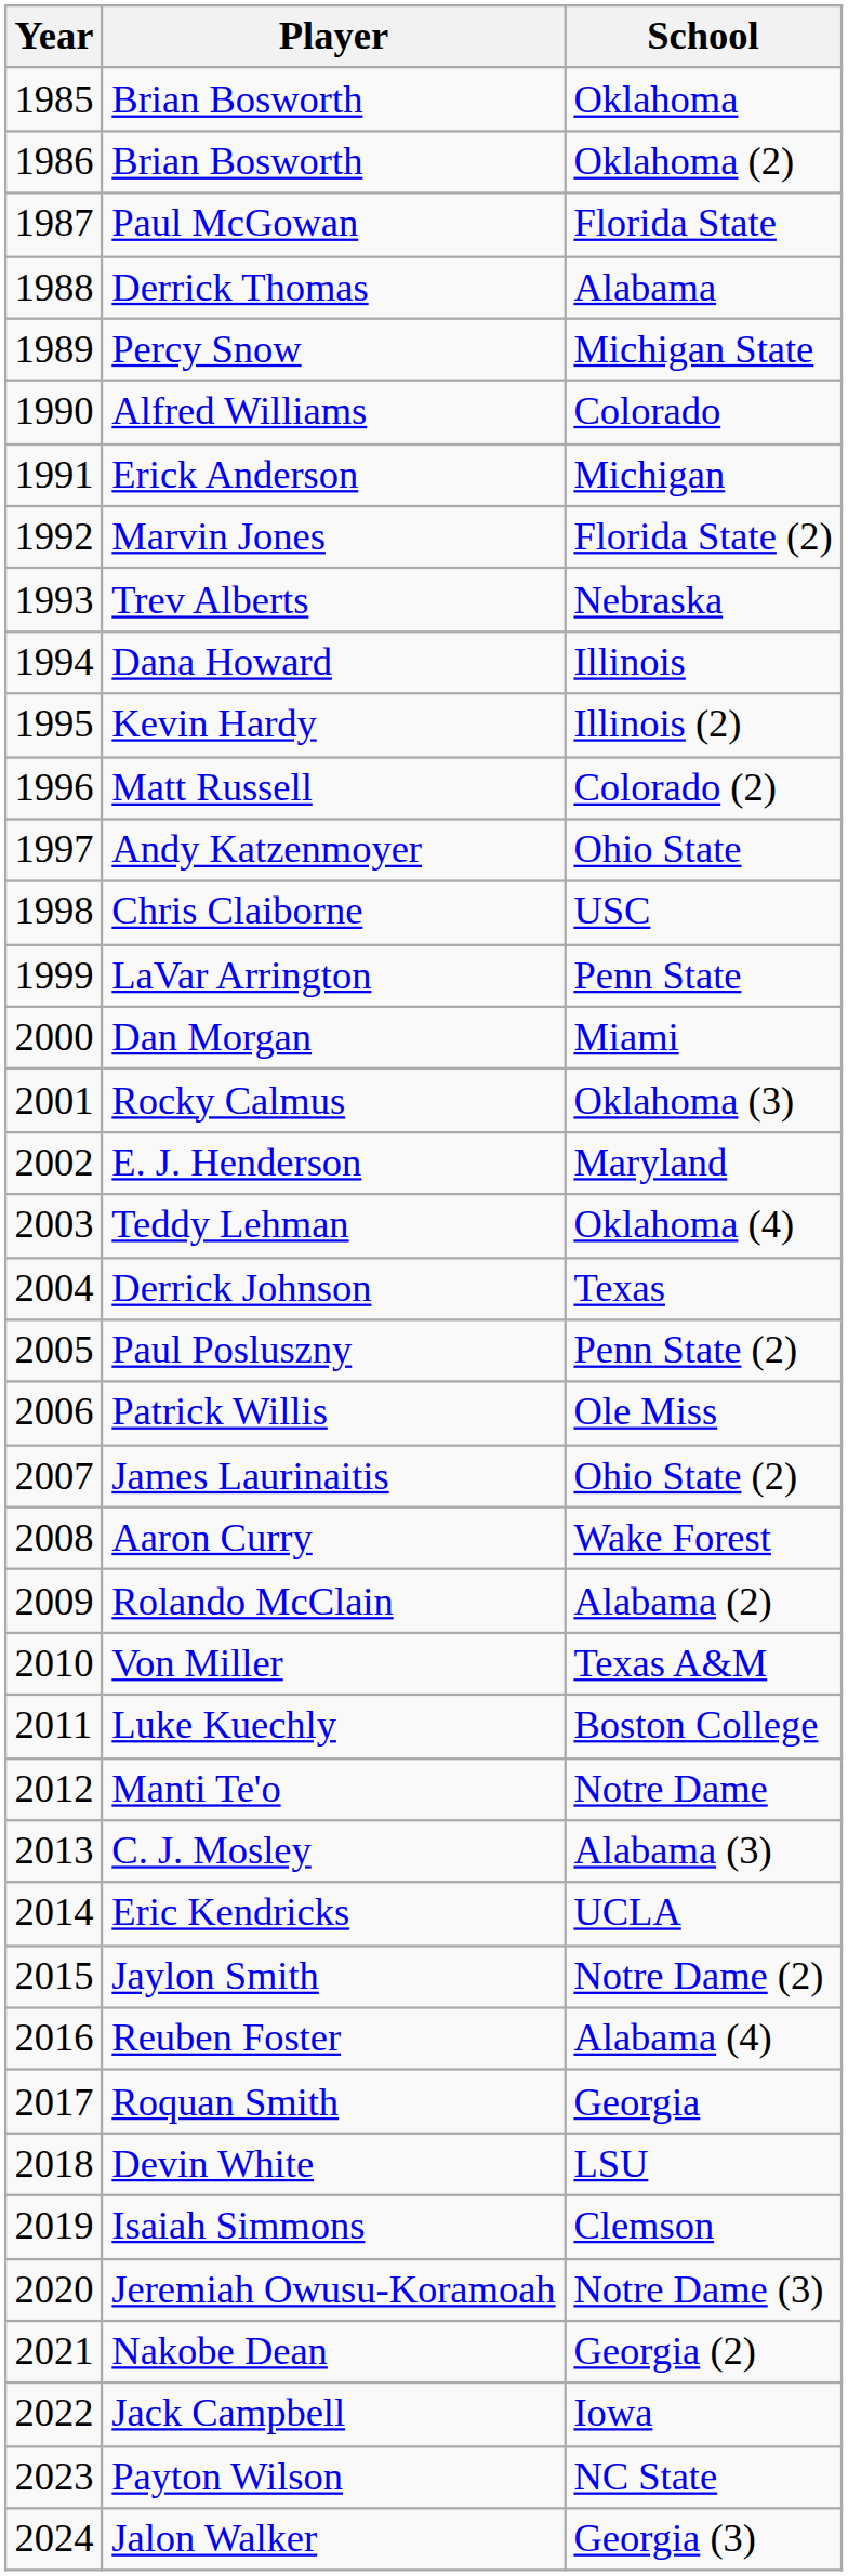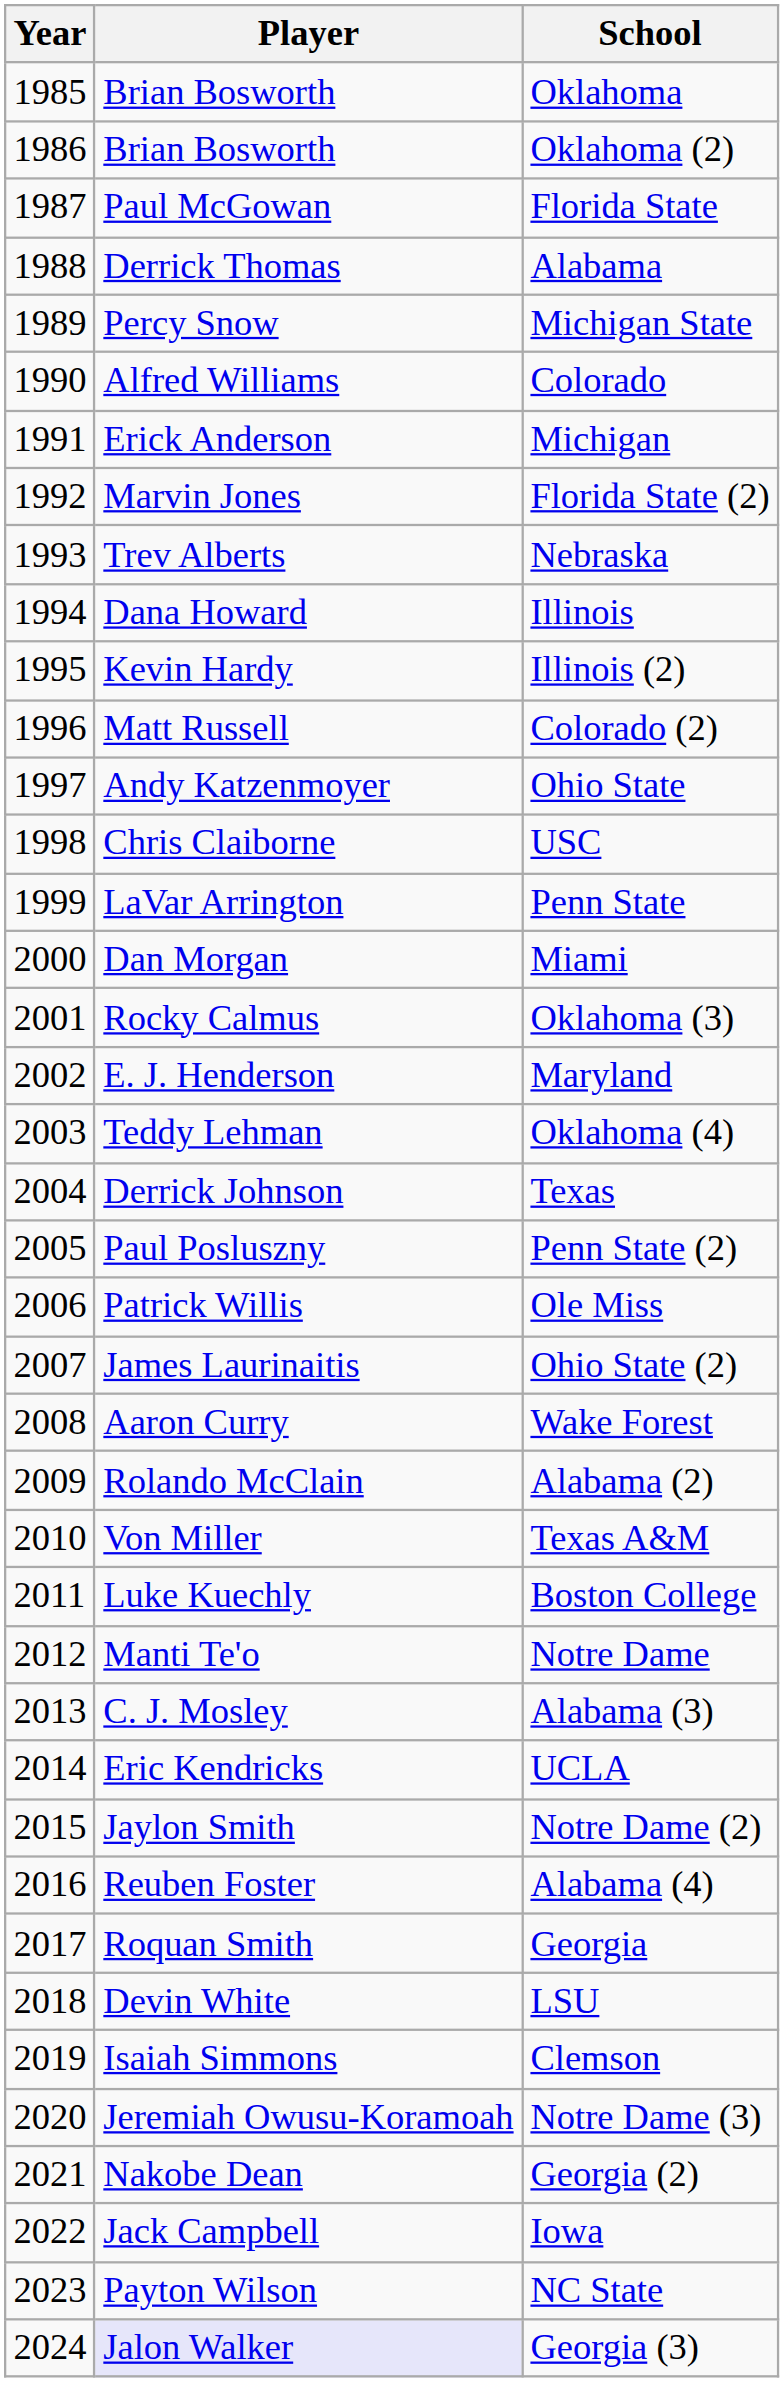 <table class="wikitable sortable">
 <tr>
 <th bgcolor="#e5e5e5">Year</th>
 <th bgcolor="#e5e5e5">Player</th>
 <th bgcolor="#e5e5e5">School</th>
 </tr>
 <tr>
 <td>1985</td>
 <td><a href='#'>Brian Bosworth</a></td>
 <td><a href='#'>Oklahoma</a></td>
 </tr>
 <tr>
 <td>1986</td>
 <td><a href='#'>Brian Bosworth</a></td>
 <td><a href='#'>Oklahoma</a> (2)</td>
 </tr>
 <tr>
 <td>1987</td>
 <td><a href='#'>Paul McGowan</a></td>
 <td><a href='#'>Florida State</a></td>
 </tr>
 <tr>
 <td>1988</td>
 <td><a href='#'>Derrick Thomas</a></td>
 <td><a href='#'>Alabama</a></td>
 </tr>
 <tr>
 <td>1989</td>
 <td><a href='#'>Percy Snow</a></td>
 <td><a href='#'>Michigan State</a></td>
 </tr>
 <tr>
 <td>1990</td>
 <td><a href='#'>Alfred Williams</a></td>
 <td><a href='#'>Colorado</a></td>
 </tr>
 <tr>
 <td>1991</td>
 <td><a href='#'>Erick Anderson</a></td>
 <td><a href='#'>Michigan</a></td>
 </tr>
 <tr>
 <td>1992</td>
 <td><a href='#'>Marvin Jones</a></td>
 <td><a href='#'>Florida State</a> (2)</td>
 </tr>
 <tr>
 <td>1993</td>
 <td><a href='#'>Trev Alberts</a></td>
 <td><a href='#'>Nebraska</a></td>
 </tr>
 <tr>
 <td>1994</td>
 <td><a href='#'>Dana Howard</a></td>
 <td><a href='#'>Illinois</a></td>
 </tr>
 <tr>
 <td>1995</td>
 <td><a href='#'>Kevin Hardy</a></td>
 <td><a href='#'>Illinois</a> (2)</td>
 </tr>
 <tr>
 <td>1996</td>
 <td><a href='#'>Matt Russell</a></td>
 <td><a href='#'>Colorado</a> (2)</td>
 </tr>
 <tr>
 <td>1997</td>
 <td><a href='#'>Andy Katzenmoyer</a></td>
 <td><a href='#'>Ohio State</a></td>
 </tr>
 <tr>
 <td>1998</td>
 <td><a href='#'>Chris Claiborne</a></td>
 <td><a href='#'>USC</a></td>
 </tr>
 <tr>
 <td>1999</td>
 <td><a href='#'>LaVar Arrington</a></td>
 <td><a href='#'>Penn State</a></td>
 </tr>
 <tr>
 <td>2000</td>
 <td><a href='#'>Dan Morgan</a></td>
 <td><a href='#'>Miami</a></td>
 </tr>
 <tr>
 <td>2001</td>
 <td><a href='#'>Rocky Calmus</a></td>
 <td><a href='#'>Oklahoma</a> (3)</td>
 </tr>
 <tr>
 <td>2002</td>
 <td><a href='#'>E. J. Henderson</a></td>
 <td><a href='#'>Maryland</a></td>
 </tr>
 <tr>
 <td>2003</td>
 <td><a href='#'>Teddy Lehman</a></td>
 <td><a href='#'>Oklahoma</a> (4)</td>
 </tr>
 <tr>
 <td>2004</td>
 <td><a href='#'>Derrick Johnson</a></td>
 <td><a href='#'>Texas</a></td>
 </tr>
 <tr>
 <td>2005</td>
 <td><a href='#'>Paul Posluszny</a></td>
 <td><a href='#'>Penn State</a> (2)</td>
 </tr>
 <tr>
 <td>2006</td>
 <td><a href='#'>Patrick Willis</a></td>
 <td><a href='#'>Ole Miss</a></td>
 </tr>
 <tr>
 <td>2007</td>
 <td><a href='#'>James Laurinaitis</a></td>
 <td><a href='#'>Ohio State</a> (2)</td>
 </tr>
 <tr>
 <td>2008</td>
 <td><a href='#'>Aaron Curry</a></td>
 <td><a href='#'>Wake Forest</a></td>
 </tr>
 <tr>
 <td>2009</td>
 <td><a href='#'>Rolando McClain</a></td>
 <td><a href='#'>Alabama</a> (2)</td>
 </tr>
 <tr>
 <td>2010</td>
 <td><a href='#'>Von Miller</a></td>
 <td><a href='#'>Texas A&M</a></td>
 </tr>
 <tr>
 <td>2011</td>
 <td><a href='#'>Luke Kuechly</a></td>
 <td><a href='#'>Boston College</a></td>
 </tr>
 <tr>
 <td>2012</td>
 <td><a href='#'>Manti Te'o</a></td>
 <td><a href='#'>Notre Dame</a></td>
 </tr>
 <tr>
 <td>2013</td>
 <td><a href='#'>C. J. Mosley</a></td>
 <td><a href='#'>Alabama</a> (3)</td>
 </tr>
 <tr>
 <td>2014</td>
 <td><a href='#'>Eric Kendricks</a></td>
 <td><a href='#'>UCLA</a></td>
 </tr>
 <tr>
 <td>2015</td>
 <td><a href='#'>Jaylon Smith</a></td>
 <td><a href='#'>Notre Dame</a> (2)</td>
 </tr>
 <tr>
 <td>2016</td>
 <td><a href='#'>Reuben Foster</a></td>
 <td><a href='#'>Alabama</a> (4)</td>
 </tr>
 <tr>
 <td>2017</td>
 <td><a href='#'>Roquan Smith</a></td>
 <td><a href='#'>Georgia</a></td>
 </tr>
 <tr>
 <td>2018</td>
 <td><a href='#'>Devin White</a></td>
 <td><a href='#'>LSU</a></td>
 </tr>
 <tr>
 <td>2019</td>
 <td><a href='#'>Isaiah Simmons</a></td>
 <td><a href='#'>Clemson</a></td>
 </tr>
 <tr>
 <td>2020</td>
 <td><a href='#'>Jeremiah Owusu-Koramoah</a></td>
 <td><a href='#'>Notre Dame</a> (3)</td>
 </tr>
 <tr>
 <td>2021</td>
 <td><a href='#'>Nakobe Dean</a></td>
 <td><a href='#'>Georgia</a> (2)</td>
 </tr>
 <tr>
 <td>2022</td>
 <td><a href='#'>Jack Campbell</a></td>
 <td><a href='#'>Iowa</a></td>
 </tr>
 <tr>
 <td>2023</td>
 <td><a href='#'>Payton Wilson</a></td>
 <td><a href='#'>NC State</a></td>
 </tr>
 <tr>
 <td>2024</td>
-<td><a href='#'>Jalon Walker</a></td>
+<td style="background: lavender;"><a href='#'>Jalon Walker</a></td>
 <td><a href='#'>Georgia</a> (3)</td>
 </tr>
 </table>
